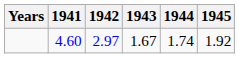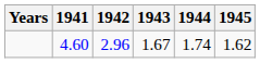 <table class="wikitable sortable" style="text-align:right">
 <tr>
 <th>Years</th>
 <th>1941</th>
 <th>1942</th>
 <th>1943</th>
 <th>1944</th>
 <th>1945</th>
 </tr>
 <tr>
 <td></td>
 <td style="text-align:right; color:blue;">4.60</td>
-<td style="text-align:right; color:blue;">2.97</td>
+<td style="text-align:right; color:blue;">2.96</td>
 <td>1.67</td>
 <td>1.74</td>
-<td>1.92</td>
+<td>1.62</td>
 </tr>
 </table>
